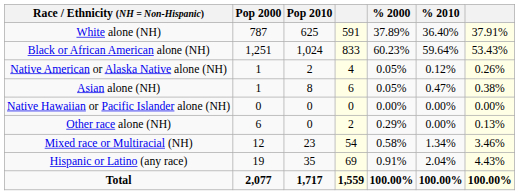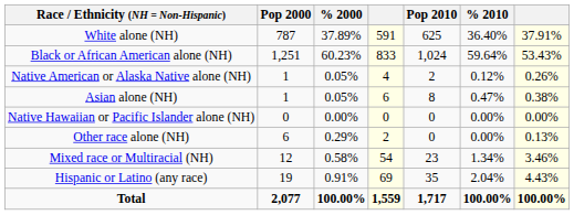 <table class="wikitable" style="text-align:center;">
 <tr>
 <th>Race / Ethnicity <small>(<em>NH = Non-Hispanic</em>)</small></th>
 <th>Pop 2000</th>
+<th>% 2000</th>
+<th></th>
 <th>Pop 2010</th>
-<th></th>
-<th>% 2000</th>
 <th>% 2010</th>
 <th></th>
 </tr>
 <tr>
 <td><a href='#'>White</a> alone (NH)</td>
 <td>787</td>
+<td>37.89%</td>
+<td style='background: #ffffe6;'>591</td>
 <td>625</td>
-<td style='background: #ffffe6;'>591</td>
-<td>37.89%</td>
 <td>36.40%</td>
 <td style='background: #ffffe6;'>37.91%</td>
 </tr>
 <tr>
 <td><a href='#'>Black or African American</a> alone (NH)</td>
 <td>1,251</td>
+<td>60.23%</td>
+<td style='background: #ffffe6;'>833</td>
 <td>1,024</td>
-<td style='background: #ffffe6;'>833</td>
-<td>60.23%</td>
 <td>59.64%</td>
 <td style='background: #ffffe6;'>53.43%</td>
 </tr>
 <tr>
 <td><a href='#'>Native American</a> or <a href='#'>Alaska Native</a> alone (NH)</td>
 <td>1</td>
+<td>0.05%</td>
+<td style='background: #ffffe6;'>4</td>
 <td>2</td>
-<td style='background: #ffffe6;'>4</td>
-<td>0.05%</td>
 <td>0.12%</td>
 <td style='background: #ffffe6;'>0.26%</td>
 </tr>
 <tr>
 <td><a href='#'>Asian</a> alone (NH)</td>
 <td>1</td>
+<td>0.05%</td>
+<td style='background: #ffffe6;'>6</td>
 <td>8</td>
-<td style='background: #ffffe6;'>6</td>
-<td>0.05%</td>
 <td>0.47%</td>
 <td style='background: #ffffe6;'>0.38%</td>
 </tr>
 <tr>
 <td><a href='#'>Native Hawaiian</a> or <a href='#'>Pacific Islander</a> alone (NH)</td>
 <td>0</td>
+<td>0.00%</td>
+<td style='background: #ffffe6;'>0</td>
 <td>0</td>
-<td style='background: #ffffe6;'>0</td>
-<td>0.00%</td>
 <td>0.00%</td>
 <td style='background: #ffffe6;'>0.00%</td>
 </tr>
 <tr>
 <td><a href='#'>Other race</a> alone (NH)</td>
 <td>6</td>
+<td>0.29%</td>
+<td style='background: #ffffe6;'>2</td>
 <td>0</td>
-<td style='background: #ffffe6;'>2</td>
-<td>0.29%</td>
 <td>0.00%</td>
 <td style='background: #ffffe6;'>0.13%</td>
 </tr>
 <tr>
 <td><a href='#'>Mixed race or Multiracial</a> (NH)</td>
 <td>12</td>
+<td>0.58%</td>
+<td style='background: #ffffe6;'>54</td>
 <td>23</td>
-<td style='background: #ffffe6;'>54</td>
-<td>0.58%</td>
 <td>1.34%</td>
 <td style='background: #ffffe6;'>3.46%</td>
 </tr>
 <tr>
 <td><a href='#'>Hispanic or Latino</a> (any race)</td>
 <td>19</td>
+<td>0.91%</td>
+<td style='background: #ffffe6;'>69</td>
 <td>35</td>
-<td style='background: #ffffe6;'>69</td>
-<td>0.91%</td>
 <td>2.04%</td>
 <td style='background: #ffffe6;'>4.43%</td>
 </tr>
 <tr>
 <td><strong>Total</strong></td>
 <td><strong>2,077</strong></td>
+<td><strong>100.00%</strong></td>
+<td style='background: #ffffe6;'><strong>1,559</strong></td>
 <td><strong>1,717</strong></td>
-<td style='background: #ffffe6;'><strong>1,559</strong></td>
-<td><strong>100.00%</strong></td>
 <td><strong>100.00%</strong></td>
 <td style='background: #ffffe6;'><strong>100.00%</strong></td>
 </tr>
 </table>
